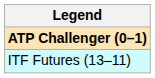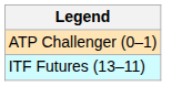 <table class=wikitable style=font-size:97%>
 <tr>
 <th>Legend</th>
 </tr>
 <tr bgcolor=moccasin>
-<td><strong>ATP Challenger (0–1)</strong></td>
+<td>ATP Challenger (0–1)</td>
 </tr>
 <tr bgcolor=cffcff>
 <td>ITF Futures (13–11)</td>
 </tr>
 </table>
